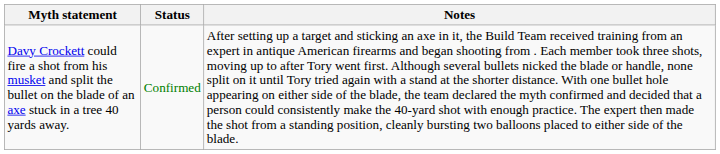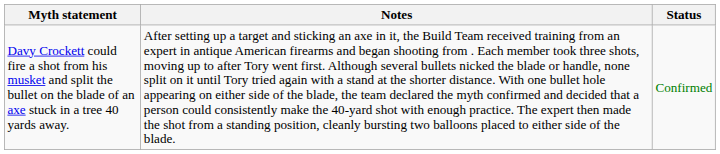 <table class="wikitable plainrowheaders">
 <tr>
 <th>Myth statement</th>
+<th>Notes</th>
 <th>Status</th>
-<th>Notes</th>
 </tr>
 <tr>
 <td><a href='#'>Davy Crockett</a> could fire a shot from his <a href='#'>musket</a> and split the bullet on the blade of an <a href='#'>axe</a> stuck in a tree 40 yards away.</td>
+<td>After setting up a target and sticking an axe in it, the Build Team received training from an expert in antique American firearms and began shooting from . Each member took three shots, moving up to  after Tory went first. Although several bullets nicked the blade or handle, none split on it until Tory tried again with a stand at the shorter distance. With one bullet hole appearing on either side of the blade, the team declared the myth confirmed and decided that a person could consistently make the 40-yard shot with enough practice. The expert then made the shot from a standing position, cleanly bursting two balloons placed to either side of the blade.</td>
 <td style="color:green">Confirmed</td>
-<td>After setting up a target and sticking an axe in it, the Build Team received training from an expert in antique American firearms and began shooting from . Each member took three shots, moving up to  after Tory went first. Although several bullets nicked the blade or handle, none split on it until Tory tried again with a stand at the shorter distance. With one bullet hole appearing on either side of the blade, the team declared the myth confirmed and decided that a person could consistently make the 40-yard shot with enough practice. The expert then made the shot from a standing position, cleanly bursting two balloons placed to either side of the blade.</td>
 </tr>
 </table>
